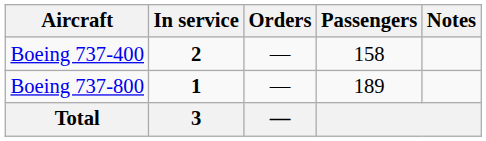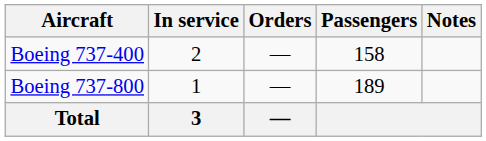 <table class="wikitable" style="text-align:center; margin: auto;">
 <tr>
 <th>Aircraft</th>
 <th>In service</th>
 <th>Orders</th>
 <th>Passengers</th>
 <th>Notes</th>
 </tr>
 <tr>
 <td><a href='#'>Boeing 737-400</a></td>
-<td><strong>2</strong></td>
+<td>2</td>
 <td>—</td>
 <td>158</td>
 <td></td>
 </tr>
 <tr>
 <td><a href='#'>Boeing 737-800</a></td>
-<td><strong>1</strong></td>
+<td>1</td>
 <td>—</td>
 <td>189</td>
 <td></td>
 </tr>
 <tr>
 <th>Total</th>
 <th>3</th>
 <th>—</th>
 <th colspan="3"></th>
 </tr>
 </table>
